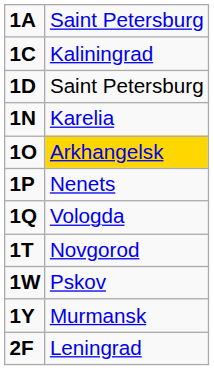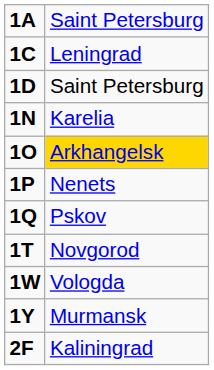 <table class=wikitable>
 <tr>
 <td><strong>1A</strong></td>
 <td><a href='#'>Saint Petersburg</a></td>
 </tr>
 <tr>
 <td><strong>1C</strong></td>
-<td><a href='#'>Kaliningrad</a></td>
+<td><a href='#'>Leningrad</a></td>
 </tr>
 <tr>
 <td><strong>1D</strong></td>
 <td>Saint Petersburg</td>
 </tr>
 <tr>
 <td><strong>1N</strong></td>
 <td><a href='#'>Karelia</a></td>
 </tr>
 <tr>
 <td><strong>1O</strong></td>
 <td style="background: gold;"><a href='#'>Arkhangelsk</a></td>
 </tr>
 <tr>
 <td><strong>1P</strong></td>
 <td><a href='#'>Nenets</a></td>
 </tr>
 <tr>
 <td><strong>1Q</strong></td>
-<td><a href='#'>Vologda</a></td>
+<td><a href='#'>Pskov</a></td>
 </tr>
 <tr>
 <td><strong>1T</strong></td>
 <td><a href='#'>Novgorod</a></td>
 </tr>
 <tr>
 <td><strong>1W</strong></td>
-<td><a href='#'>Pskov</a></td>
+<td><a href='#'>Vologda</a></td>
 </tr>
 <tr>
 <td><strong>1Y</strong></td>
 <td><a href='#'>Murmansk</a></td>
 </tr>
 <tr>
 <td><strong>2F</strong></td>
-<td><a href='#'>Leningrad</a></td>
+<td><a href='#'>Kaliningrad</a></td>
 </tr>
 </table>
